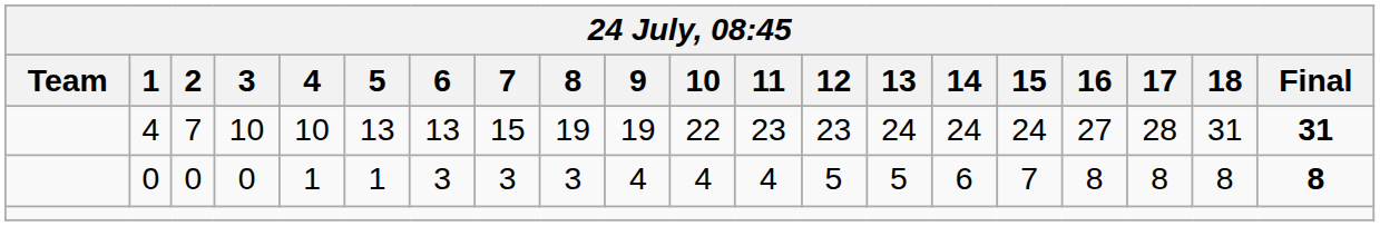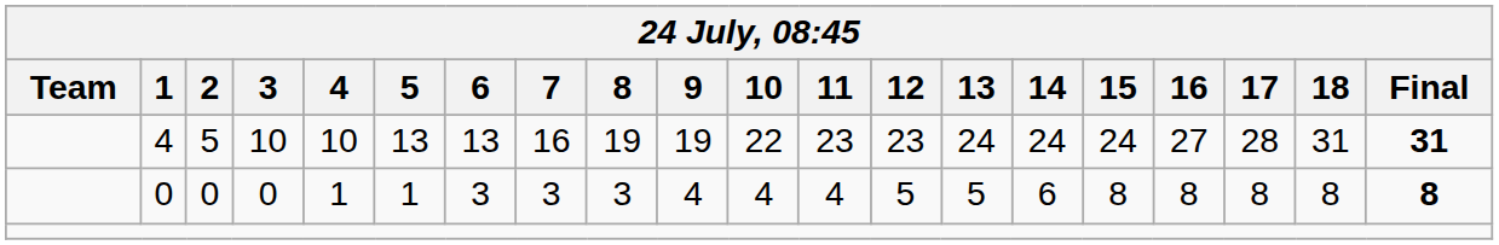 <table class=wikitable style="text-align:center; width: 55%">
 <tr>
 <th colspan=20><em>24 July, 08:45</em></th>
 </tr>
 <tr>
 <th>Team</th>
 <th>1</th>
 <th>2</th>
 <th>3</th>
 <th>4</th>
 <th>5</th>
 <th>6</th>
 <th>7</th>
 <th>8</th>
 <th>9</th>
 <th>10</th>
 <th>11</th>
 <th>12</th>
 <th>13</th>
 <th>14</th>
 <th>15</th>
 <th>16</th>
 <th>17</th>
 <th>18</th>
 <th>Final</th>
 </tr>
 <tr>
 <td align=left><strong></strong></td>
 <td>4</td>
-<td>7</td>
+<td>5</td>
 <td>10</td>
 <td>10</td>
 <td>13</td>
 <td>13</td>
-<td>15</td>
+<td>16</td>
 <td>19</td>
 <td>19</td>
 <td>22</td>
 <td>23</td>
 <td>23</td>
 <td>24</td>
 <td>24</td>
 <td>24</td>
 <td>27</td>
 <td>28</td>
 <td>31</td>
 <td><strong>31</strong></td>
 </tr>
 <tr>
 <td align=left></td>
 <td>0</td>
 <td>0</td>
 <td>0</td>
 <td>1</td>
 <td>1</td>
 <td>3</td>
 <td>3</td>
 <td>3</td>
 <td>4</td>
 <td>4</td>
 <td>4</td>
 <td>5</td>
 <td>5</td>
 <td>6</td>
-<td>7</td>
+<td>8</td>
 <td>8</td>
 <td>8</td>
 <td>8</td>
 <td><strong>8</strong></td>
 </tr>
 <tr>
 <td colspan=20></td>
 </tr>
 </table>
